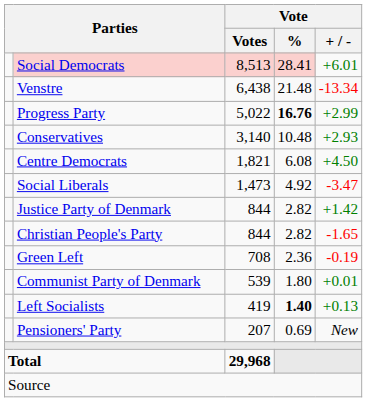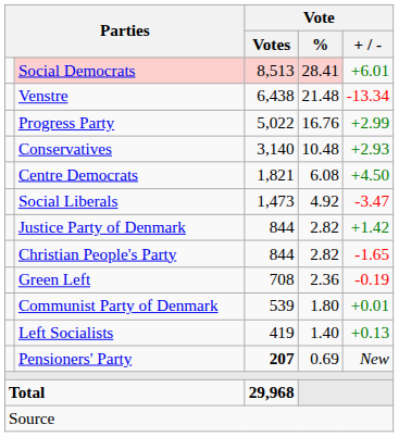 <table class="wikitable" style="text-align:right;">
 <tr>
 <th style="text-align:centre;" rowspan="2" colspan="2" width="225">Parties</th>
 <th colspan="3">Vote</th>
 </tr>
 <tr>
 <th width="15">Votes</th>
 <th width="15">%</th>
 <th width="15">+ / -</th>
 </tr>
 <tr>
 <td width="2" style="color:inherit;background:"></td>
 <td bgcolor=#fbd0ce  align="left"><a href='#'>Social Democrats</a></td>
 <td bgcolor=#fbd0ce>8,513</td>
 <td bgcolor=#fbd0ce>28.41</td>
 <td style=color:green;>+6.01</td>
 </tr>
 <tr>
 <td width="2" style="color:inherit;background:"></td>
 <td align="left"><a href='#'>Venstre</a></td>
 <td>6,438</td>
 <td>21.48</td>
 <td style=color:red;>-13.34</td>
 </tr>
 <tr>
 <td width="2" style="color:inherit;background:"></td>
 <td align="left"><a href='#'>Progress Party</a></td>
 <td>5,022</td>
-<td><strong>16.76</strong></td>
+<td>16.76</td>
 <td style=color:green;>+2.99</td>
 </tr>
 <tr>
 <td width="2" style="color:inherit;background:"></td>
 <td align="left"><a href='#'>Conservatives</a></td>
 <td>3,140</td>
 <td>10.48</td>
 <td style=color:green;>+2.93</td>
 </tr>
 <tr>
 <td width="2" style="color:inherit;background:"></td>
 <td align="left"><a href='#'>Centre Democrats</a></td>
 <td>1,821</td>
 <td>6.08</td>
 <td style=color:green;>+4.50</td>
 </tr>
 <tr>
 <td width="2" style="color:inherit;background:"></td>
 <td align="left"><a href='#'>Social Liberals</a></td>
 <td>1,473</td>
 <td>4.92</td>
 <td style=color:red;>-3.47</td>
 </tr>
 <tr>
 <td width="2" style="color:inherit;background:"></td>
 <td align="left"><a href='#'>Justice Party of Denmark</a></td>
 <td>844</td>
 <td>2.82</td>
 <td style=color:green;>+1.42</td>
 </tr>
 <tr>
 <td width="2" style="color:inherit;background:"></td>
 <td align="left"><a href='#'>Christian People's Party</a></td>
 <td>844</td>
 <td>2.82</td>
 <td style=color:red;>-1.65</td>
 </tr>
 <tr>
 <td width="2" style="color:inherit;background:"></td>
 <td align="left"><a href='#'>Green Left</a></td>
 <td>708</td>
 <td>2.36</td>
 <td style=color:red;>-0.19</td>
 </tr>
 <tr>
 <td width="2" style="color:inherit;background:"></td>
 <td align="left"><a href='#'>Communist Party of Denmark</a></td>
 <td>539</td>
 <td>1.80</td>
 <td style=color:green;>+0.01</td>
 </tr>
 <tr>
 <td width="2" style="color:inherit;background:"></td>
 <td align="left"><a href='#'>Left Socialists</a></td>
 <td>419</td>
-<td><strong>1.40</strong></td>
+<td>1.40</td>
 <td style=color:green;>+0.13</td>
 </tr>
 <tr>
 <td width="2" style="color:inherit;background:"></td>
 <td align="left"><a href='#'>Pensioners' Party</a></td>
-<td>207</td>
+<td><strong>207</strong></td>
 <td>0.69</td>
 <td><em>New</em></td>
 </tr>
 <tr>
 <td colspan="7" bgcolor="#E9E9E9"></td>
 </tr>
 <tr>
 <td align="left" colspan="2"><strong>Total</strong></td>
 <td><strong>29,968</strong></td>
 <td bgcolor="#E9E9E9" colspan="2"></td>
 </tr>
 <tr>
 <td align="left" colspan="6">Source</td>
 </tr>
 </table>
